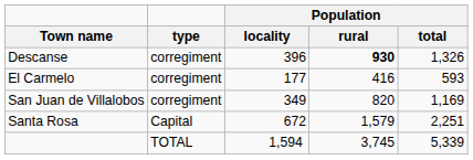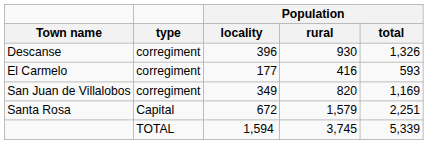 <table class="wikitable">
 <tr>
 <td></td>
 <td></td>
 <th colspan="3">Population</th>
 </tr>
 <tr>
 <th>Town name</th>
 <th>type</th>
 <th>locality</th>
 <th>rural</th>
 <th>total</th>
 </tr>
 <tr>
 <td>Descanse</td>
 <td>corregiment</td>
 <td>               396</td>
-<td><strong>                930</strong></td>
+<td>                930</td>
 <td>        1,326</td>
 </tr>
 <tr>
 <td>El Carmelo</td>
 <td>corregiment</td>
 <td>               177</td>
 <td>                416</td>
 <td>           593</td>
 </tr>
 <tr>
 <td>San Juan de  Villalobos</td>
 <td>corregiment</td>
 <td>               349</td>
 <td>                820</td>
 <td>        1,169</td>
 </tr>
 <tr>
 <td>Santa Rosa</td>
 <td>Capital</td>
 <td>               672</td>
 <td>             1,579</td>
 <td>        2,251</td>
 </tr>
 <tr>
 <td></td>
 <td>TOTAL</td>
 <td>           1,594</td>
 <td>             3,745</td>
 <td>        5,339</td>
 </tr>
 </table>
